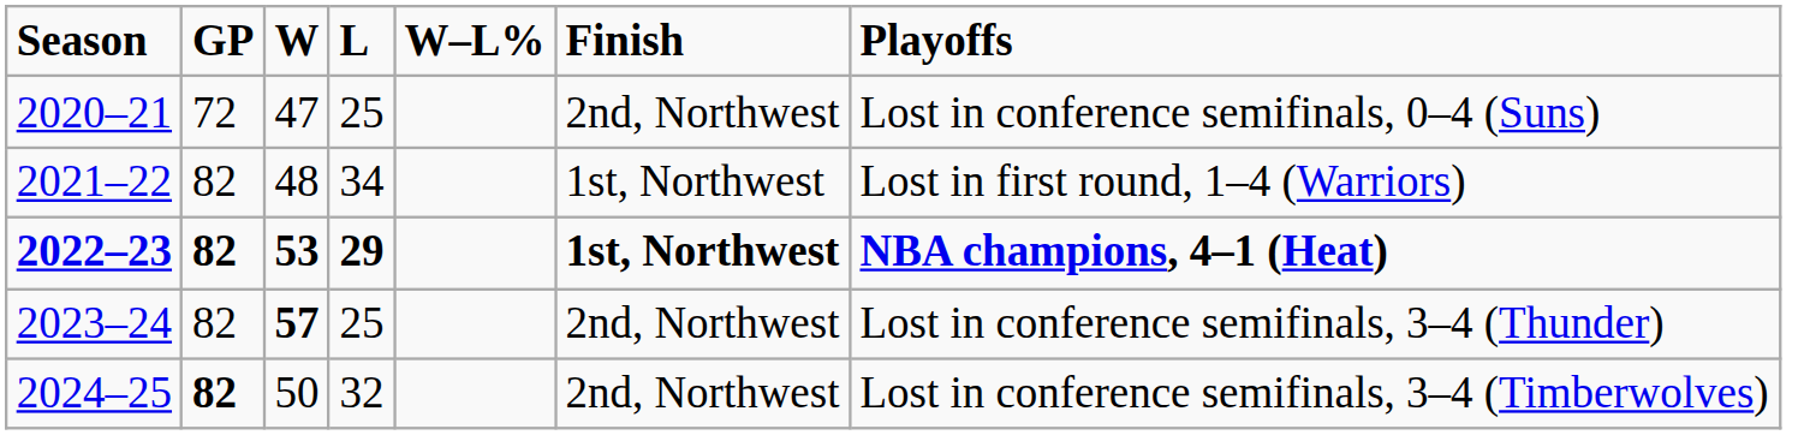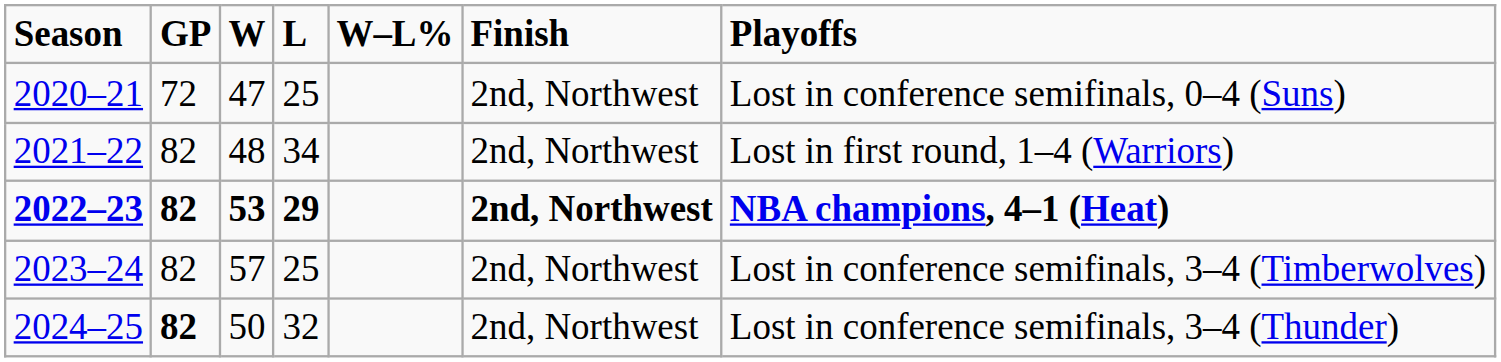 <table class="wikitable">
 <tr style="font-weight:bold; ">
 <td>Season</td>
 <td>GP</td>
 <td>W</td>
 <td>L</td>
 <td>W–L%</td>
 <td>Finish</td>
 <td>Playoffs</td>
 </tr>
 <tr>
 <td><a href='#'>2020–21</a></td>
 <td>72</td>
 <td>47</td>
 <td>25</td>
 <td></td>
 <td>2nd, Northwest</td>
 <td>Lost in conference semifinals, 0–4 (<a href='#'>Suns</a>)</td>
 </tr>
 <tr>
 <td><a href='#'>2021–22</a></td>
 <td>82</td>
 <td>48</td>
 <td>34</td>
 <td></td>
-<td>1st, Northwest</td>
+<td>2nd, Northwest</td>
 <td>Lost in first round, 1–4 (<a href='#'>Warriors</a>)</td>
 </tr>
 <tr style="font-weight:bold;">
 <td><a href='#'>2022–23</a></td>
 <td>82</td>
 <td>53</td>
 <td>29</td>
 <td></td>
-<td>1st, Northwest</td>
+<td>2nd, Northwest</td>
 <td><a href='#'>NBA champions</a>, 4–1 (<a href='#'>Heat</a>)</td>
 </tr>
 <tr>
 <td><a href='#'>2023–24</a></td>
 <td>82</td>
-<td><strong>57</strong></td>
+<td>57</td>
 <td>25</td>
 <td></td>
 <td>2nd, Northwest</td>
-<td>Lost in conference semifinals, 3–4 (<a href='#'>Thunder</a>)</td>
+<td>Lost in conference semifinals, 3–4 (<a href='#'>Timberwolves</a>)</td>
 </tr>
 <tr>
 <td><a href='#'>2024–25</a></td>
 <td><strong>82</strong></td>
 <td>50</td>
 <td>32</td>
 <td></td>
 <td>2nd, Northwest</td>
-<td>Lost in conference semifinals, 3–4 (<a href='#'>Timberwolves</a>)</td>
+<td>Lost in conference semifinals, 3–4 (<a href='#'>Thunder</a>)</td>
 </tr>
 </table>
